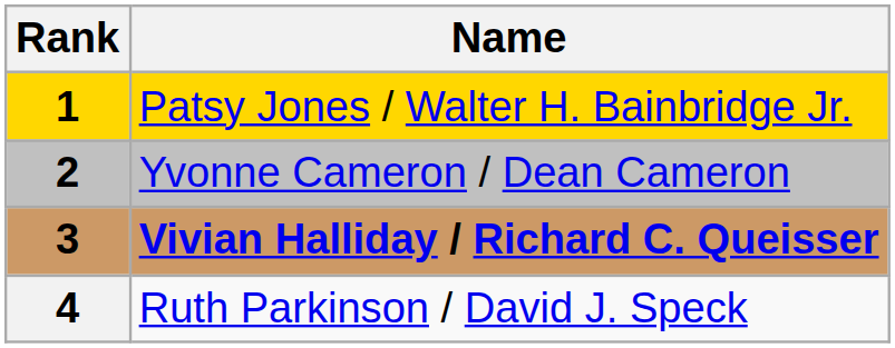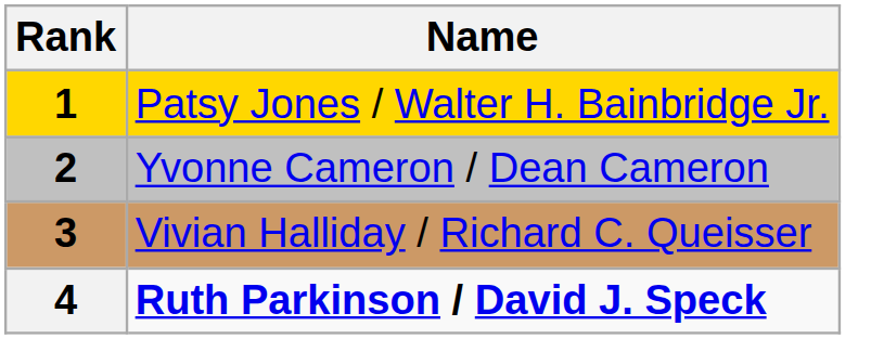 <table class="wikitable">
 <tr>
 <th>Rank</th>
 <th>Name</th>
 </tr>
 <tr bgcolor="gold">
 <td align="center"><strong>1</strong></td>
 <td><a href='#'>Patsy Jones</a> / <a href='#'>Walter H. Bainbridge Jr.</a></td>
 </tr>
 <tr bgcolor="silver">
 <td align="center"><strong>2</strong></td>
 <td><a href='#'>Yvonne Cameron</a> / <a href='#'>Dean Cameron</a></td>
 </tr>
 <tr bgcolor="cc9966">
 <td align="center"><strong>3</strong></td>
-<td><strong><a href='#'>Vivian Halliday</a> / <a href='#'>Richard C. Queisser</a></strong></td>
+<td><a href='#'>Vivian Halliday</a> / <a href='#'>Richard C. Queisser</a></td>
 </tr>
 <tr>
 <th>4</th>
-<td><a href='#'>Ruth Parkinson</a> / <a href='#'>David J. Speck</a></td>
+<td><strong><a href='#'>Ruth Parkinson</a> / <a href='#'>David J. Speck</a></strong></td>
 </tr>
 </table>
